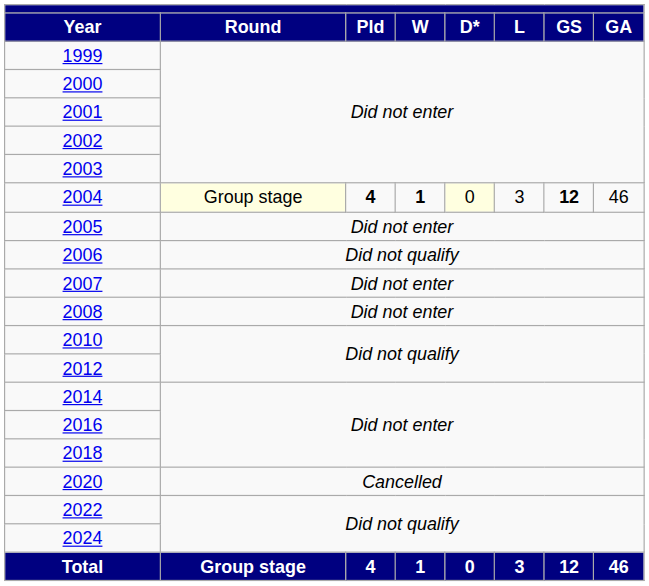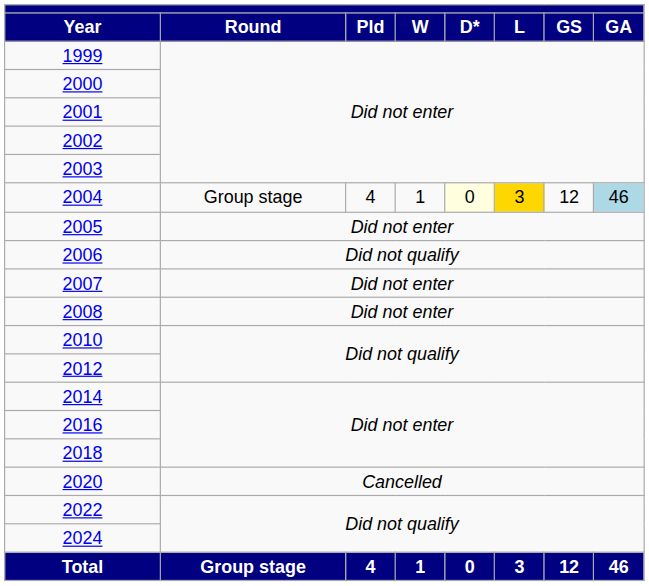 <table class="wikitable" style="text-align: center;font-size:95%;">
 <tr>
 <th colspan="8" style="background: #000080; color:#CE1126;"><a href='#'></a></th>
 </tr>
 <tr style="color:white;">
 <th style="background:#000080;" width=125>Year</th>
 <th style="background:#000080;" width=150>Round</th>
 <th style="background:#000080;" width=35>Pld</th>
 <th style="background:#000080;" width=35>W</th>
 <th style="background:#000080;" width=35>D*</th>
 <th style="background:#000080;" width=35>L</th>
 <th style="background:#000080;" width=35>GS</th>
 <th style="background:#000080;" width=35>GA</th>
 </tr>
 <tr>
 <td> <a href='#'>1999</a></td>
 <td colspan="7" rowspan="5"><em>Did not enter</em></td>
 </tr>
 <tr>
 <td> <a href='#'>2000</a></td>
 </tr>
 <tr>
 <td> <a href='#'>2001</a></td>
 </tr>
 <tr>
 <td> <a href='#'>2002</a></td>
 </tr>
 <tr>
 <td> <a href='#'>2003</a></td>
 </tr>
 <tr>
 <td> <a href='#'>2004</a></td>
-<td style="background: lightyellow;">Group stage</td>
-<td><strong>4</strong></td>
-<td><strong>1</strong></td>
+<td>Group stage</td>
+<td>4</td>
+<td>1</td>
 <td style="background: lightyellow;">0</td>
-<td>3</td>
-<td><strong>12</strong></td>
-<td>46</td>
+<td style="background: gold;">3</td>
+<td>12</td>
+<td style="background: lightblue;">46</td>
 </tr>
 <tr>
 <td> <a href='#'>2005</a></td>
 <td colspan="7"><em>Did not enter</em></td>
 </tr>
 <tr>
 <td> <a href='#'>2006</a></td>
 <td colspan="7"><em>Did not qualify</em></td>
 </tr>
 <tr>
 <td> <a href='#'>2007</a></td>
 <td colspan="7"><em>Did not enter</em></td>
 </tr>
 <tr>
 <td> <a href='#'>2008</a></td>
 <td colspan="7"><em>Did not enter</em></td>
 </tr>
 <tr>
 <td> <a href='#'>2010</a></td>
 <td colspan="7" rowspan="2"><em>Did not qualify</em></td>
 </tr>
 <tr>
 <td> <a href='#'>2012</a></td>
 </tr>
 <tr>
 <td> <a href='#'>2014</a></td>
 <td colspan="7" rowspan="3"><em>Did not enter</em></td>
 </tr>
 <tr>
 <td> <a href='#'>2016</a></td>
 </tr>
 <tr>
 <td> <a href='#'>2018</a></td>
 </tr>
 <tr>
 <td> <a href='#'>2020</a></td>
 <td colspan="7"><em>Cancelled</em></td>
 </tr>
 <tr>
 <td> <a href='#'>2022</a></td>
 <td colspan="7" rowspan="2"><em>Did not qualify</em></td>
 </tr>
 <tr>
 <td> <a href='#'>2024</a></td>
 </tr>
 <tr bgcolor="#000080" style="color:white;">
 <td><strong>Total</strong></td>
 <td><strong>Group stage</strong></td>
 <td><strong>4</strong></td>
 <td><strong>1</strong></td>
 <td><strong>0</strong></td>
 <td><strong>3</strong></td>
 <td><strong>12</strong></td>
 <td><strong>46</strong></td>
 </tr>
 </table>
